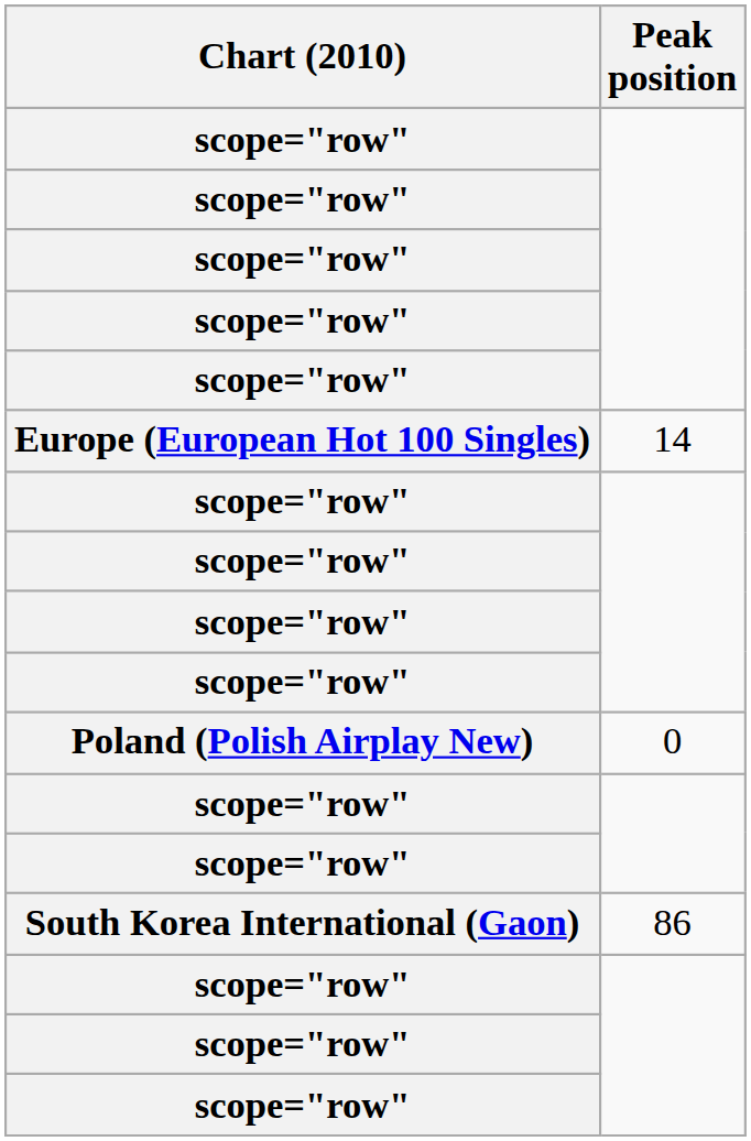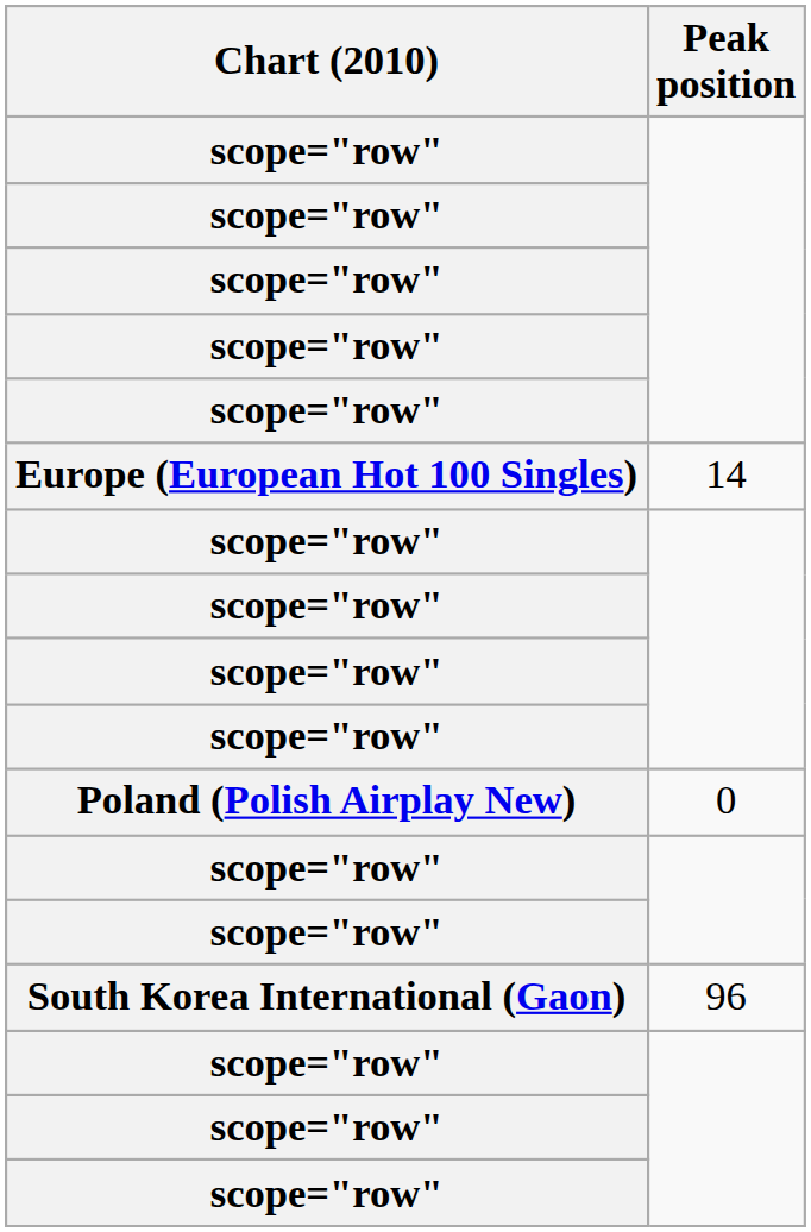 <table class="wikitable sortable plainrowheaders">
 <tr>
 <th>Chart (2010)</th>
 <th>Peak<br>position</th>
 </tr>
 <tr>
 <th>scope="row" </th>
 </tr>
 <tr>
 <th>scope="row" </th>
 </tr>
 <tr>
 <th>scope="row" </th>
 </tr>
 <tr>
 <th>scope="row" </th>
 </tr>
 <tr>
 <th>scope="row" </th>
 </tr>
 <tr>
 <th scope="row">Europe (<a href='#'>European Hot 100 Singles</a>)</th>
 <td align="center">14</td>
 </tr>
 <tr>
 <th>scope="row" </th>
 </tr>
 <tr>
 <th>scope="row" </th>
 </tr>
 <tr>
 <th>scope="row" </th>
 </tr>
 <tr>
 <th>scope="row" </th>
 </tr>
 <tr>
 <th scope="row">Poland (<a href='#'>Polish Airplay New</a>)</th>
 <td align="center">0</td>
 </tr>
 <tr>
 <th>scope="row" </th>
 </tr>
 <tr>
 <th>scope="row" </th>
 </tr>
 <tr>
 <th scope="row">South Korea International (<a href='#'>Gaon</a>)</th>
-<td style="text-align:center;">86</td>
+<td style="text-align:center;">96</td>
 </tr>
 <tr>
 <th>scope="row" </th>
 </tr>
 <tr>
 <th>scope="row" </th>
 </tr>
 <tr>
 <th>scope="row" </th>
 </tr>
 </table>
